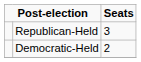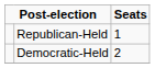 <table class= "wikitable">
 <tr>
 <td colspan= "2" rowspan= "1" align= "center" valign= "top"><strong>Post-election</strong></td>
 <td valign= "top"><strong>Seats</strong><br></td>
 </tr>
 <tr>
 <td style="background-color:"> </td>
 <td>Republican-Held</td>
-<td>3</td>
+<td>1</td>
 </tr>
 <tr>
 <td style="background-color:"> </td>
 <td>Democratic-Held</td>
 <td>2</td>
 </tr>
 <tr>
 </tr>
 </table>
